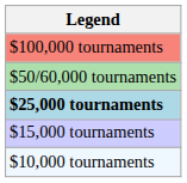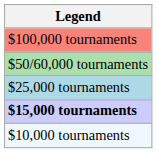 <table class=wikitable style="font-size:85%">
 <tr>
 <th>Legend</th>
 </tr>
 <tr style="background:#f88379;">
 <td>$100,000 tournaments</td>
 </tr>
 <tr style="background:#addfad;">
 <td>$50/60,000 tournaments</td>
 </tr>
 <tr style="background:lightblue;">
-<td><strong>$25,000 tournaments</strong></td>
+<td>$25,000 tournaments</td>
 </tr>
 <tr style="background:#ccccff;">
-<td>$15,000 tournaments</td>
+<td><strong>$15,000 tournaments</strong></td>
 </tr>
 <tr style="background:#f0f8ff;">
 <td>$10,000 tournaments</td>
 </tr>
 </table>
